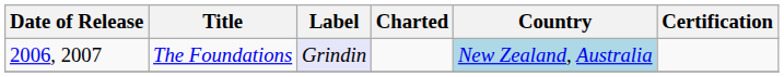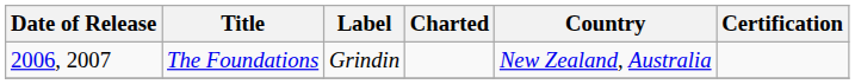 <table class="wikitable" style="font-size: 95%;">
 <tr>
 <th>Date of Release</th>
 <th>Title</th>
 <th>Label</th>
 <th>Charted</th>
 <th>Country</th>
 <th>Certification</th>
 </tr>
 <tr>
 <td><a href='#'>2006</a>, 2007</td>
 <td><em><a href='#'>The Foundations</a></em></td>
-<td align="center" valign="center" style="background: lavender;"><em> Grindin</em></td>
+<td align="center" valign="center"><em> Grindin</em></td>
 <td align="center" valign="center"></td>
-<td align="center" valign="center" style="background: lightblue;"><em><a href='#'>New Zealand</a>, <a href='#'>Australia</a></em></td>
+<td align="center" valign="center"><em><a href='#'>New Zealand</a>, <a href='#'>Australia</a></em></td>
 <td align="center" valign="center"></td>
 </tr>
 <tr>
 </tr>
 </table>
